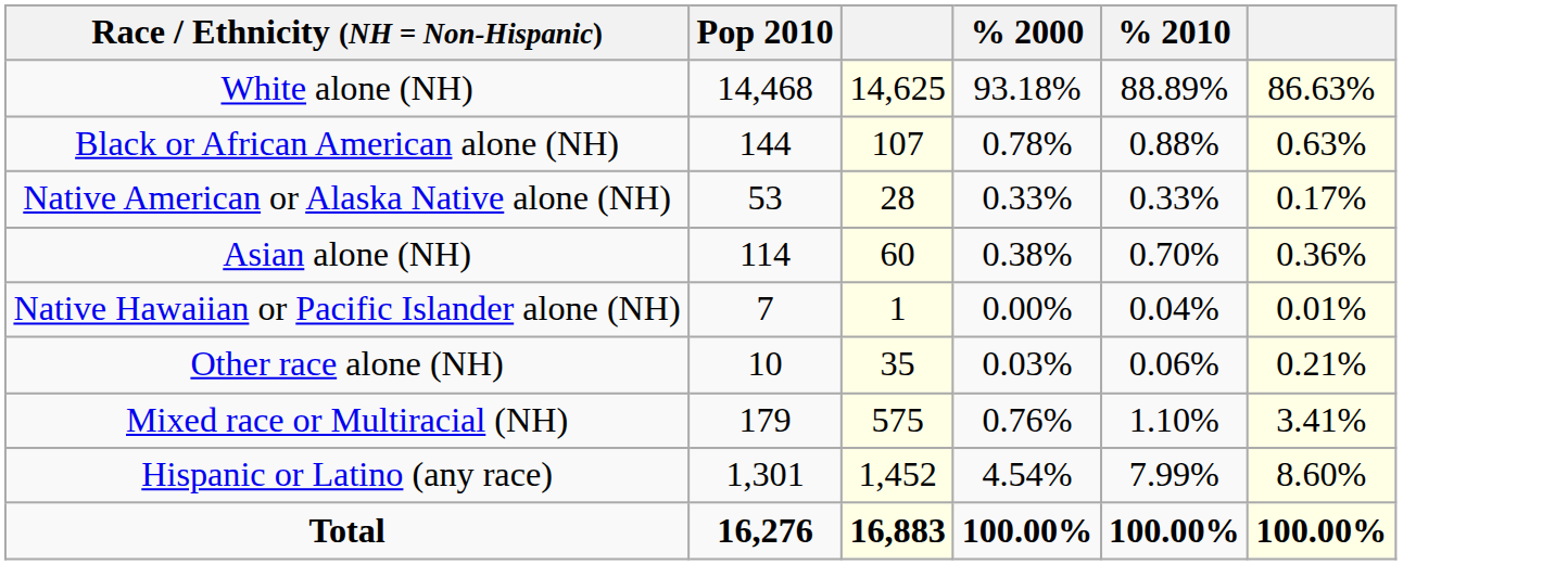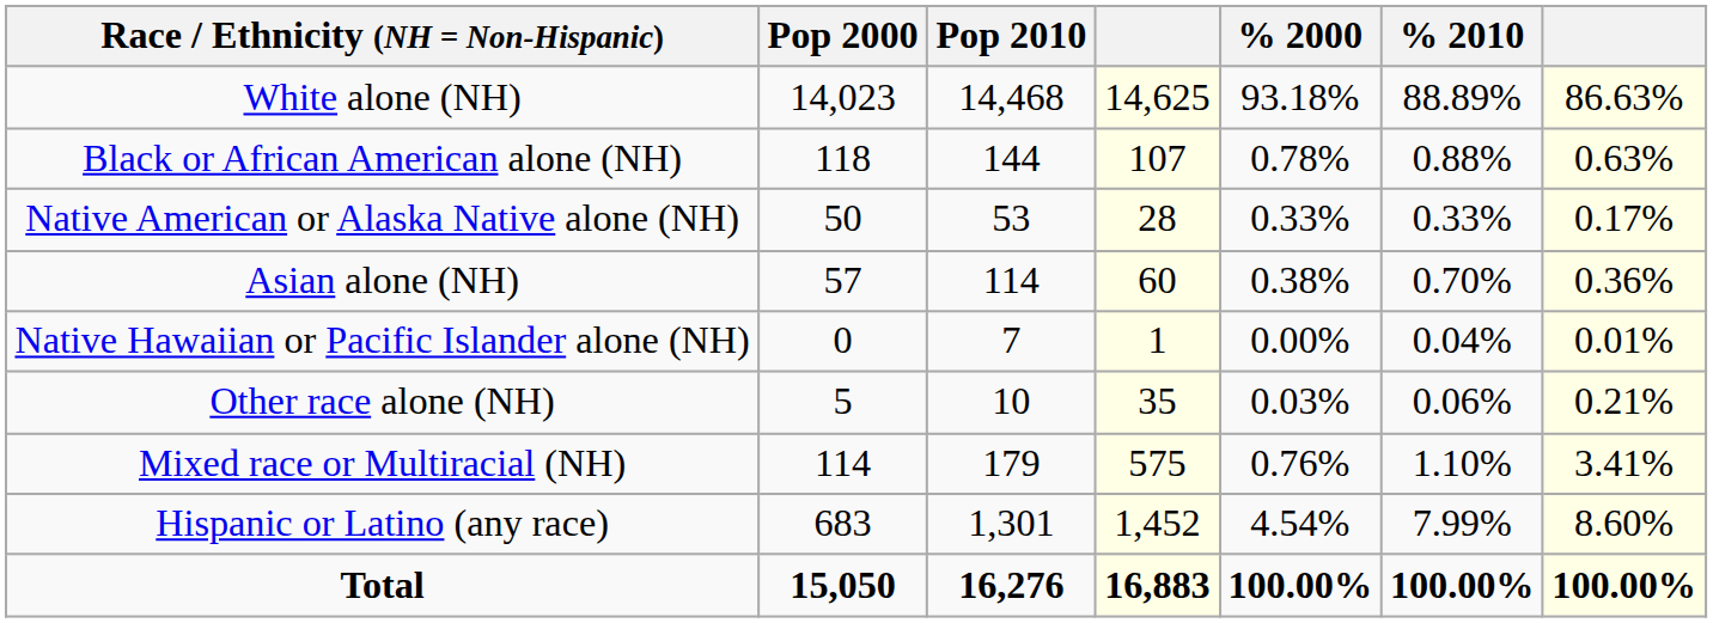 <table class="wikitable" style="text-align:center;">
 <tr>
 <th>Race / Ethnicity <small>(<em>NH = Non-Hispanic</em>)</small></th>
+<th>Pop 2000</th>
 <th>Pop 2010</th>
 <th></th>
 <th>% 2000</th>
 <th>% 2010</th>
 <th></th>
 </tr>
 <tr>
 <td><a href='#'>White</a> alone (NH)</td>
+<td>14,023</td>
 <td>14,468</td>
 <td style='background: #ffffe6;'>14,625</td>
 <td>93.18%</td>
 <td>88.89%</td>
 <td style='background: #ffffe6;'>86.63%</td>
 </tr>
 <tr>
 <td><a href='#'>Black or African American</a> alone (NH)</td>
+<td>118</td>
 <td>144</td>
 <td style='background: #ffffe6;'>107</td>
 <td>0.78%</td>
 <td>0.88%</td>
 <td style='background: #ffffe6;'>0.63%</td>
 </tr>
 <tr>
 <td><a href='#'>Native American</a> or <a href='#'>Alaska Native</a> alone (NH)</td>
+<td>50</td>
 <td>53</td>
 <td style='background: #ffffe6;'>28</td>
 <td>0.33%</td>
 <td>0.33%</td>
 <td style='background: #ffffe6;'>0.17%</td>
 </tr>
 <tr>
 <td><a href='#'>Asian</a> alone (NH)</td>
+<td>57</td>
 <td>114</td>
 <td style='background: #ffffe6;'>60</td>
 <td>0.38%</td>
 <td>0.70%</td>
 <td style='background: #ffffe6;'>0.36%</td>
 </tr>
 <tr>
 <td><a href='#'>Native Hawaiian</a> or <a href='#'>Pacific Islander</a> alone (NH)</td>
+<td>0</td>
 <td>7</td>
 <td style='background: #ffffe6;'>1</td>
 <td>0.00%</td>
 <td>0.04%</td>
 <td style='background: #ffffe6;'>0.01%</td>
 </tr>
 <tr>
 <td><a href='#'>Other race</a> alone (NH)</td>
+<td>5</td>
 <td>10</td>
 <td style='background: #ffffe6;'>35</td>
 <td>0.03%</td>
 <td>0.06%</td>
 <td style='background: #ffffe6;'>0.21%</td>
 </tr>
 <tr>
 <td><a href='#'>Mixed race or Multiracial</a> (NH)</td>
+<td>114</td>
 <td>179</td>
 <td style='background: #ffffe6;'>575</td>
 <td>0.76%</td>
 <td>1.10%</td>
 <td style='background: #ffffe6;'>3.41%</td>
 </tr>
 <tr>
 <td><a href='#'>Hispanic or Latino</a> (any race)</td>
+<td>683</td>
 <td>1,301</td>
 <td style='background: #ffffe6;'>1,452</td>
 <td>4.54%</td>
 <td>7.99%</td>
 <td style='background: #ffffe6;'>8.60%</td>
 </tr>
 <tr>
 <td><strong>Total</strong></td>
+<td><strong>15,050</strong></td>
 <td><strong>16,276</strong></td>
 <td style='background: #ffffe6;'><strong>16,883</strong></td>
 <td><strong>100.00%</strong></td>
 <td><strong>100.00%</strong></td>
 <td style='background: #ffffe6;'><strong>100.00%</strong></td>
 </tr>
 </table>
